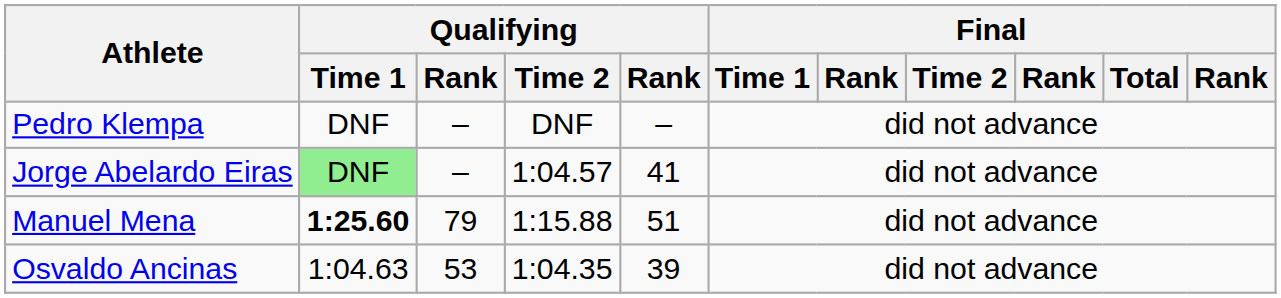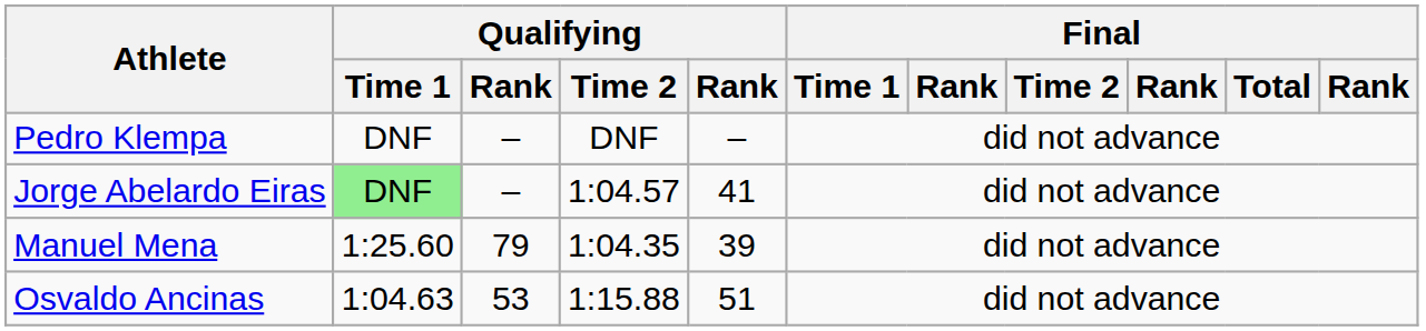 <table class="wikitable" style="font-size:90%">
 <tr>
 <th rowspan="2">Athlete</th>
 <th colspan="4">Qualifying</th>
 <th colspan="6">Final</th>
 </tr>
 <tr>
 <th>Time 1</th>
 <th>Rank</th>
 <th>Time 2</th>
 <th>Rank</th>
 <th>Time 1</th>
 <th>Rank</th>
 <th>Time 2</th>
 <th>Rank</th>
 <th>Total</th>
 <th>Rank</th>
 </tr>
 <tr>
 <td><a href='#'>Pedro Klempa</a></td>
 <td align="center">DNF</td>
 <td align="center">–</td>
 <td align="center">DNF</td>
 <td align="center">–</td>
 <td align="center" colspan="6">did not advance</td>
 </tr>
 <tr>
 <td><a href='#'>Jorge Abelardo Eiras</a></td>
 <td align="center" style="background: lightgreen;">DNF</td>
 <td align="center">–</td>
 <td align="center">1:04.57</td>
 <td align="center">41</td>
 <td align="center" colspan="6">did not advance</td>
 </tr>
 <tr>
 <td><a href='#'>Manuel Mena</a></td>
-<td align="center"><strong>1:25.60</strong></td>
+<td align="center">1:25.60</td>
 <td align="center">79</td>
-<td align="center">1:15.88</td>
-<td align="center">51</td>
+<td align="center">1:04.35</td>
+<td align="center">39</td>
 <td align="center" colspan="6">did not advance</td>
 </tr>
 <tr>
 <td><a href='#'>Osvaldo Ancinas</a></td>
 <td align="center">1:04.63</td>
 <td align="center">53</td>
-<td align="center">1:04.35</td>
-<td align="center">39</td>
+<td align="center">1:15.88</td>
+<td align="center">51</td>
 <td align="center" colspan="6">did not advance</td>
 </tr>
 </table>
